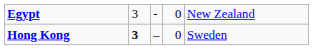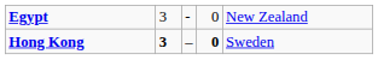 <table class="wikitable">
 <tr>
 <td width=150> <strong><a href='#'>Egypt</a></strong></td>
 <td style="width:20px; text-align:left;">3</td>
 <td>-</td>
 <td style="width:20px; text-align:right;">0</td>
 <td width=150> <a href='#'>New Zealand</a></td>
 </tr>
 <tr>
 <td> <strong><a href='#'>Hong Kong</a></strong></td>
 <td style="text-align:left;"><strong>3</strong></td>
 <td>–</td>
-<td style="text-align:right;">0</td>
+<td style="text-align:right;"><strong>0</strong></td>
 <td> <a href='#'>Sweden</a></td>
 </tr>
 </table>
